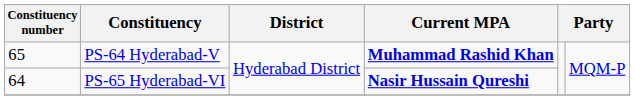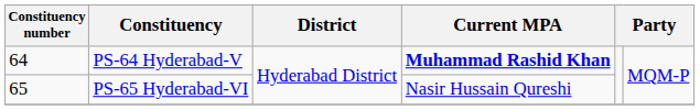 <table class="wikitable">
 <tr>
 <th width="50px" style="font-size:75%">Constituency number</th>
 <th>Constituency</th>
 <th>District</th>
 <th>Current MPA</th>
 <th colspan="2">Party</th>
 </tr>
 <tr>
-<td>65</td>
+<td>64</td>
 <td><a href='#'>PS-64 Hyderabad-V</a></td>
 <td rowspan="2"><a href='#'>Hyderabad District</a></td>
 <td><strong><a href='#'>Muhammad Rashid Khan</a></strong></td>
 <td rowspan="2"></td>
 <td rowspan="2"><a href='#'>MQM-P</a></td>
 </tr>
 <tr>
-<td>64</td>
+<td>65</td>
 <td><a href='#'>PS-65 Hyderabad-VI</a></td>
-<td><strong><a href='#'>Nasir Hussain Qureshi</a></strong></td>
+<td><a href='#'>Nasir Hussain Qureshi</a></td>
 </tr>
 <tr>
 </tr>
 </table>
